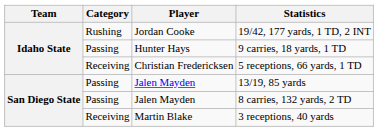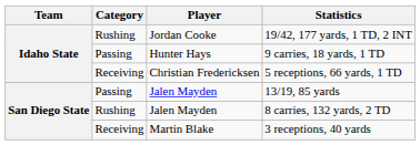 <table class="wikitable" style="float:right">
 <tr>
 <th>Team</th>
 <th>Category</th>
 <th>Player</th>
 <th>Statistics</th>
 </tr>
 <tr>
 <th rowspan=3>Idaho State</th>
 <td>Rushing</td>
 <td>Jordan Cooke</td>
 <td>19/42, 177 yards, 1 TD, 2 INT</td>
 </tr>
 <tr>
 <td>Passing</td>
 <td>Hunter Hays</td>
 <td>9 carries, 18 yards, 1 TD</td>
 </tr>
 <tr>
 <td>Receiving</td>
 <td>Christian Fredericksen</td>
 <td>5 receptions, 66 yards, 1 TD</td>
 </tr>
 <tr>
 <th rowspan=3>San Diego State</th>
 <td>Passing</td>
 <td><a href='#'>Jalen Mayden</a></td>
 <td>13/19, 85 yards</td>
 </tr>
 <tr>
-<td>Passing</td>
+<td>Rushing</td>
 <td>Jalen Mayden</td>
 <td>8 carries, 132 yards, 2 TD</td>
 </tr>
 <tr>
 <td>Receiving</td>
 <td>Martin Blake</td>
 <td>3 receptions, 40 yards</td>
 </tr>
 </table>
